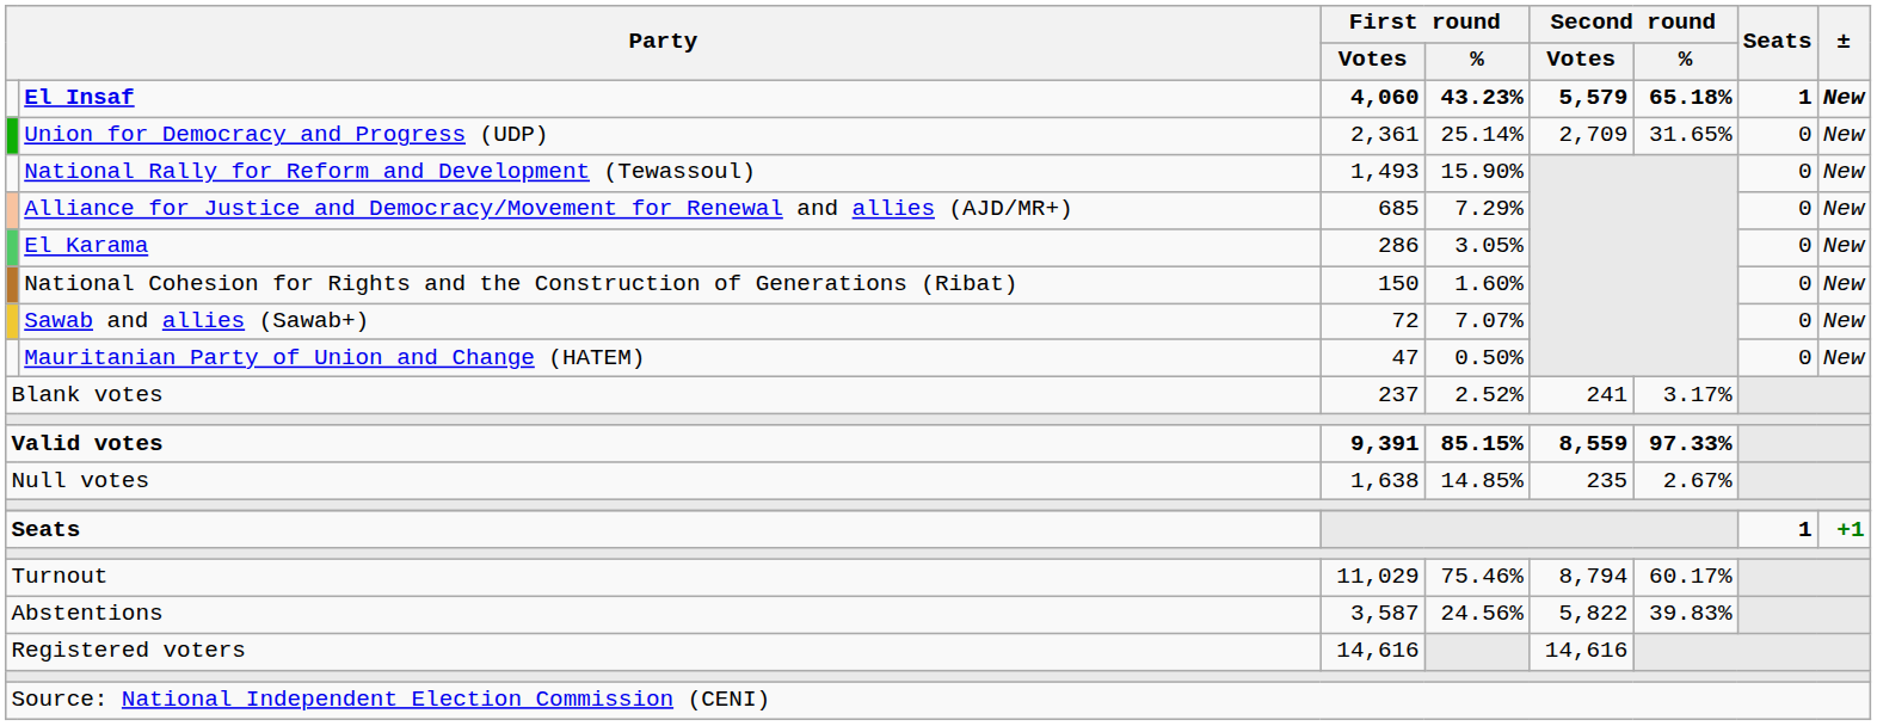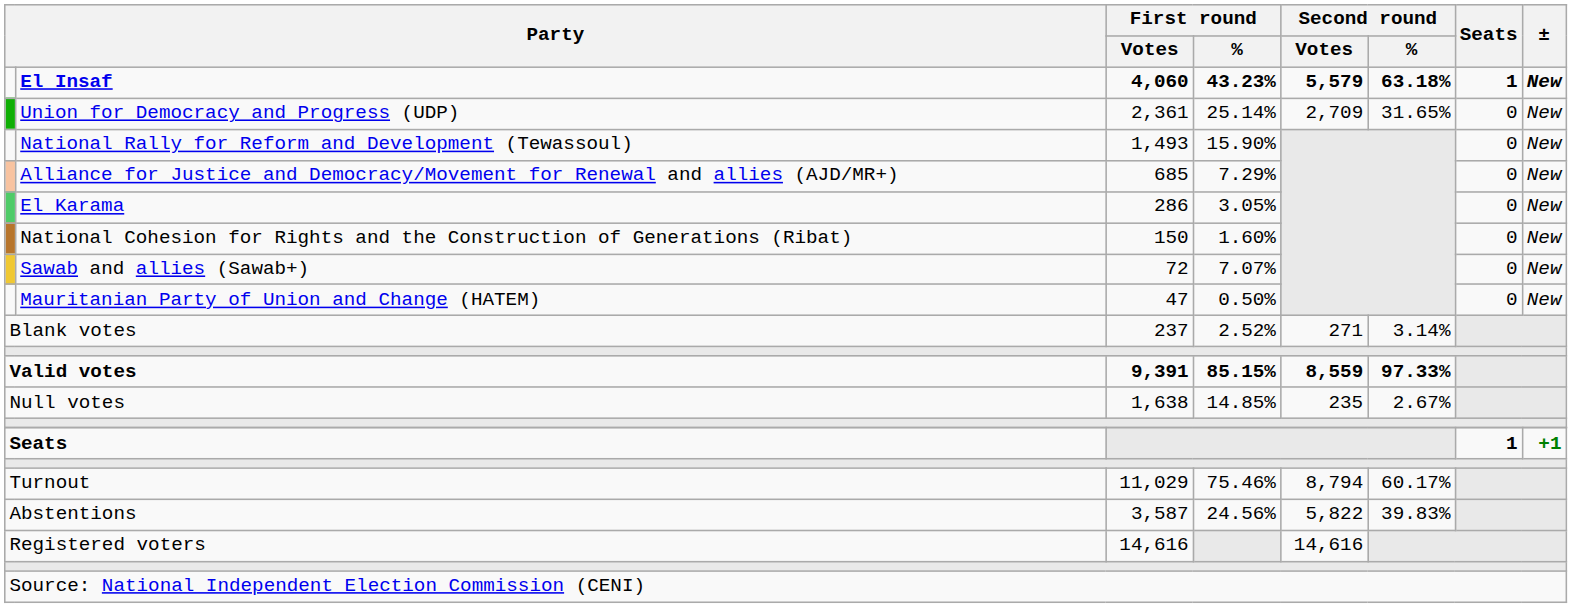 <table class="wikitable" style="text-align:right;font-size:95%;">
 <tr>
 <th rowspan="2" colspan="2" width="700">Party</th>
 <th colspan="2">First round</th>
 <th colspan="2">Second round</th>
 <th rowspan="2" width="25">Seats</th>
 <th rowspan="2" width="20">±</th>
 </tr>
 <tr>
 <th width="50">Votes</th>
 <th width="50">%</th>
 <th width="50">Votes</th>
 <th width="50">%</th>
 </tr>
 <tr>
 <td width="1" style="color:inherit;background:"></td>
 <td style="text-align:left;"><strong><a href='#'>El Insaf</a></strong></td>
 <td><strong>4,060</strong></td>
 <td><strong>43.23%</strong></td>
 <td><strong>5,579</strong></td>
-<td><strong>65.18%</strong></td>
+<td><strong>63.18%</strong></td>
 <td><strong>1</strong></td>
 <td><strong><em>New</em></strong></td>
 </tr>
 <tr>
 <td width="1" style="color:inherit;background:#0FAF05;"></td>
 <td style="text-align:left;"><a href='#'>Union for Democracy and Progress</a> (UDP)</td>
 <td>2,361</td>
 <td>25.14%</td>
 <td>2,709</td>
 <td>31.65%</td>
 <td>0</td>
 <td><em>New</em></td>
 </tr>
 <tr>
 <td width="1" style="color:inherit;background:"></td>
 <td style="text-align:left;"><a href='#'>National Rally for Reform and Development</a> (Tewassoul)</td>
 <td>1,493</td>
 <td>15.90%</td>
 <td colspan="2" rowspan="6" style="background:#E9E9E9;"></td>
 <td>0</td>
 <td><em>New</em></td>
 </tr>
 <tr>
 <td width="1" style="color:inherit;background:#F8C3A0;"></td>
 <td style="text-align:left;"><a href='#'>Alliance for Justice and Democracy/Movement for Renewal</a> and <a href='#'>allies</a> (AJD/MR+)</td>
 <td>685</td>
 <td>7.29%</td>
 <td>0</td>
 <td><em>New</em></td>
 </tr>
 <tr>
 <td width="1" style="color:inherit;background:#4FCB68;"></td>
 <td style="text-align:left;"><a href='#'>El Karama</a></td>
 <td>286</td>
 <td>3.05%</td>
 <td>0</td>
 <td><em>New</em></td>
 </tr>
 <tr>
 <td width="1" style="color:inherit;background:#B7752C;"></td>
 <td style="text-align:left;">National Cohesion for Rights and the Construction of Generations (Ribat)</td>
 <td>150</td>
 <td>1.60%</td>
 <td>0</td>
 <td><em>New</em></td>
 </tr>
 <tr>
 <td width="1" style="color:inherit;background:#F0C832;"></td>
 <td style="text-align:left;"><a href='#'>Sawab</a> and <a href='#'>allies</a> (Sawab+)</td>
 <td>72</td>
 <td>7.07%</td>
 <td>0</td>
 <td><em>New</em></td>
 </tr>
 <tr>
 <td width="1" style="color:inherit;background:"></td>
 <td style="text-align:left;"><a href='#'>Mauritanian Party of Union and Change</a> (HATEM)</td>
 <td>47</td>
 <td>0.50%</td>
 <td>0</td>
 <td><em>New</em></td>
 </tr>
 <tr>
 <td colspan="2" style="text-align:left;">Blank votes</td>
 <td>237</td>
 <td>2.52%</td>
-<td>241</td>
-<td>3.17%</td>
+<td>271</td>
+<td>3.14%</td>
 <td colspan="2" style="background:#E9E9E9;"></td>
 </tr>
 <tr>
 <td colspan="8" style="background:#E9E9E9;"></td>
 </tr>
 <tr style="font-weight:bold;">
 <td colspan="2" style="text-align:left;">Valid votes</td>
 <td>9,391</td>
 <td>85.15%</td>
 <td>8,559</td>
 <td>97.33%</td>
 <td colspan="2" style="background:#E9E9E9;"></td>
 </tr>
 <tr>
 <td colspan="2" style="text-align:left;">Null votes</td>
 <td>1,638</td>
 <td>14.85%</td>
 <td>235</td>
 <td>2.67%</td>
 <td colspan="2" style="background:#E9E9E9;"></td>
 </tr>
 <tr>
 <td colspan="8" style="background:#E9E9E9;"></td>
 </tr>
 <tr>
 </tr>
 <tr style="font-weight:bold;">
 <td colspan="2" style="text-align:left;">Seats</td>
 <td colspan="4" style="background:#E9E9E9;"></td>
 <td>1</td>
 <td style="color:green;">+1</td>
 </tr>
 <tr>
 <td colspan="8" style="background:#E9E9E9;"></td>
 </tr>
 <tr>
 <td colspan="2" style="text-align:left;">Turnout</td>
 <td>11,029</td>
 <td>75.46%</td>
 <td>8,794</td>
 <td>60.17%</td>
 <td colspan="2" style="background:#E9E9E9;"></td>
 </tr>
 <tr>
 <td colspan="2" style="text-align:left;">Abstentions</td>
 <td>3,587</td>
 <td>24.56%</td>
 <td>5,822</td>
 <td>39.83%</td>
 <td colspan="2" style="background:#E9E9E9;"></td>
 </tr>
 <tr>
 <td colspan="2" style="text-align:left;">Registered voters</td>
 <td>14,616</td>
 <td style="color:inherit;background:#E9E9E9;"></td>
 <td>14,616</td>
 <td colspan="3" style="background:#E9E9E9;"></td>
 </tr>
 <tr>
 <td colspan="8" style="background:#E9E9E9;"></td>
 </tr>
 <tr>
 <td colspan="8" style="text-align:left;">Source: <a href='#'>National Independent Election Commission</a> (CENI)</td>
 </tr>
 </table>
